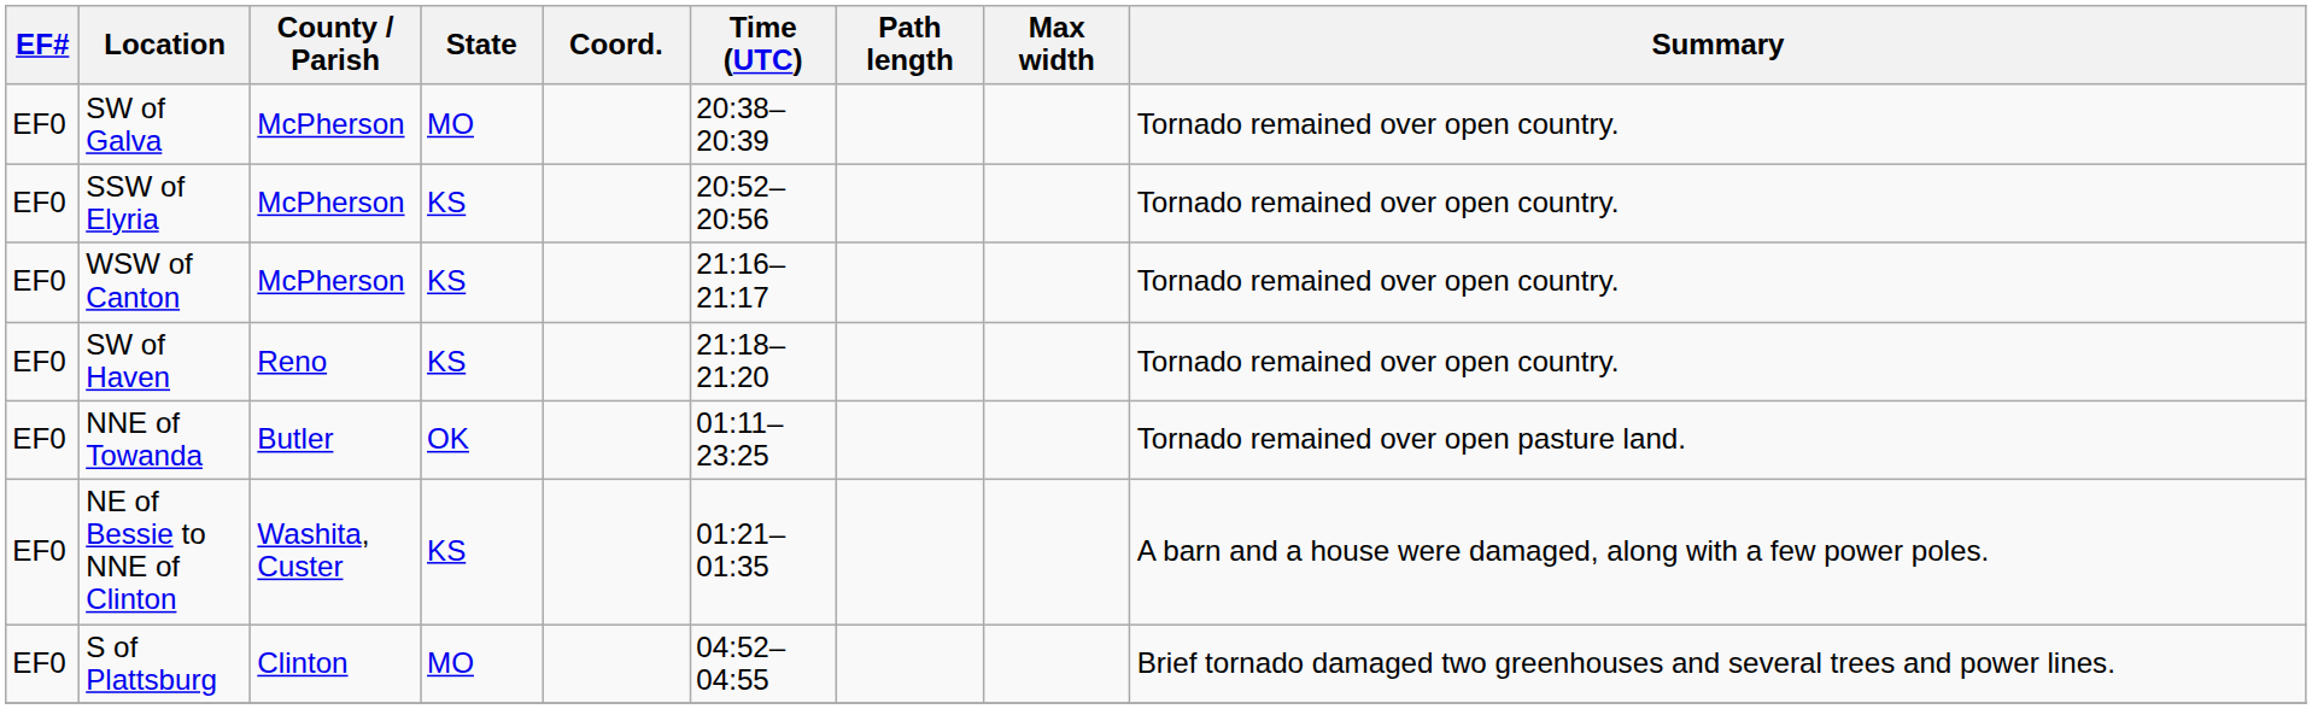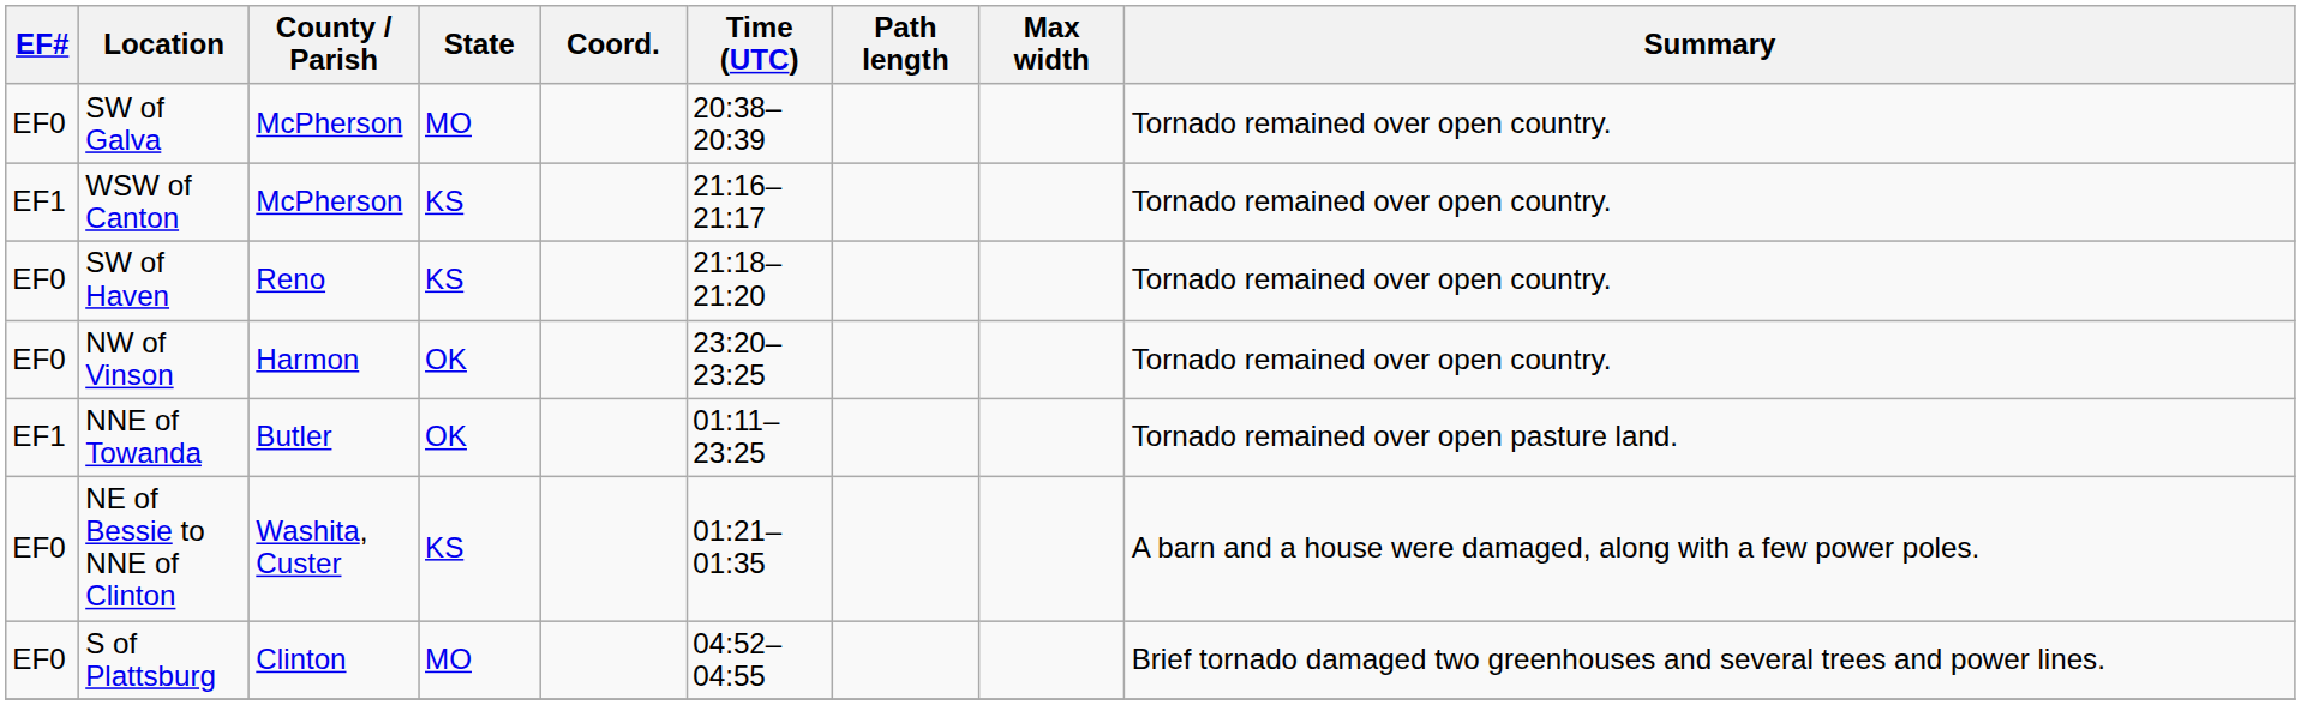 <table class="wikitable sortable" style="width:100%;">
 <tr>
 <th scope="col" width="3%" align="center"><a href='#'>EF#</a></th>
 <th scope="col" width="7%" align="center" class="unsortable">Location</th>
 <th scope="col" width="6%" align="center" class="unsortable">County / Parish</th>
 <th scope="col" width="5%" align="center">State</th>
 <th scope="col" width="6%" align="center">Coord.</th>
 <th scope="col" width="6%" align="center">Time (<a href='#'>UTC</a>)</th>
 <th scope="col" width="6%" align="center">Path length</th>
 <th scope="col" width="6%" align="center">Max width</th>
 <th scope="col" width="48%" class="unsortable" align="center">Summary</th>
 </tr>
 <tr>
 <td>EF0</td>
 <td>SW of <a href='#'>Galva</a></td>
 <td><a href='#'>McPherson</a></td>
 <td><a href='#'>MO</a></td>
 <td></td>
 <td>20:38–20:39</td>
 <td></td>
 <td></td>
 <td>Tornado remained over open country.</td>
 </tr>
 <tr>
-<td>EF0</td>
-<td>SSW of <a href='#'>Elyria</a></td>
-<td><a href='#'>McPherson</a></td>
-<td><a href='#'>KS</a></td>
-<td></td>
-<td>20:52–20:56</td>
-<td></td>
-<td></td>
-<td>Tornado remained over open country.</td>
-</tr>
-<tr>
-<td>EF0</td>
+<td>EF1</td>
 <td>WSW of <a href='#'>Canton</a></td>
 <td><a href='#'>McPherson</a></td>
 <td><a href='#'>KS</a></td>
 <td></td>
 <td>21:16–21:17</td>
 <td></td>
 <td></td>
 <td>Tornado remained over open country.</td>
 </tr>
 <tr>
 <td>EF0</td>
 <td>SW of <a href='#'>Haven</a></td>
 <td><a href='#'>Reno</a></td>
 <td><a href='#'>KS</a></td>
 <td></td>
 <td>21:18–21:20</td>
 <td></td>
 <td></td>
 <td>Tornado remained over open country.</td>
 </tr>
 <tr>
 <td>EF0</td>
+<td>NW of <a href='#'>Vinson</a></td>
+<td><a href='#'>Harmon</a></td>
+<td><a href='#'>OK</a></td>
+<td></td>
+<td>23:20–23:25</td>
+<td></td>
+<td></td>
+<td>Tornado remained over open country.</td>
+</tr>
+<tr>
+<td>EF1</td>
 <td>NNE of <a href='#'>Towanda</a></td>
 <td><a href='#'>Butler</a></td>
 <td><a href='#'>OK</a></td>
 <td></td>
 <td>01:11–23:25</td>
 <td></td>
 <td></td>
 <td>Tornado remained over open pasture land.</td>
 </tr>
 <tr>
 <td>EF0</td>
 <td>NE of <a href='#'>Bessie</a> to NNE of <a href='#'>Clinton</a></td>
 <td><a href='#'>Washita</a>, <a href='#'>Custer</a></td>
 <td><a href='#'>KS</a></td>
 <td></td>
 <td>01:21–01:35</td>
 <td></td>
 <td></td>
 <td>A barn and a house were damaged, along with a few power poles.</td>
 </tr>
 <tr>
 <td>EF0</td>
 <td>S of <a href='#'>Plattsburg</a></td>
 <td><a href='#'>Clinton</a></td>
 <td><a href='#'>MO</a></td>
 <td></td>
 <td>04:52–04:55</td>
 <td></td>
 <td></td>
 <td>Brief tornado damaged two greenhouses and several trees and power lines.</td>
 </tr>
 <tr>
 </tr>
 </table>
